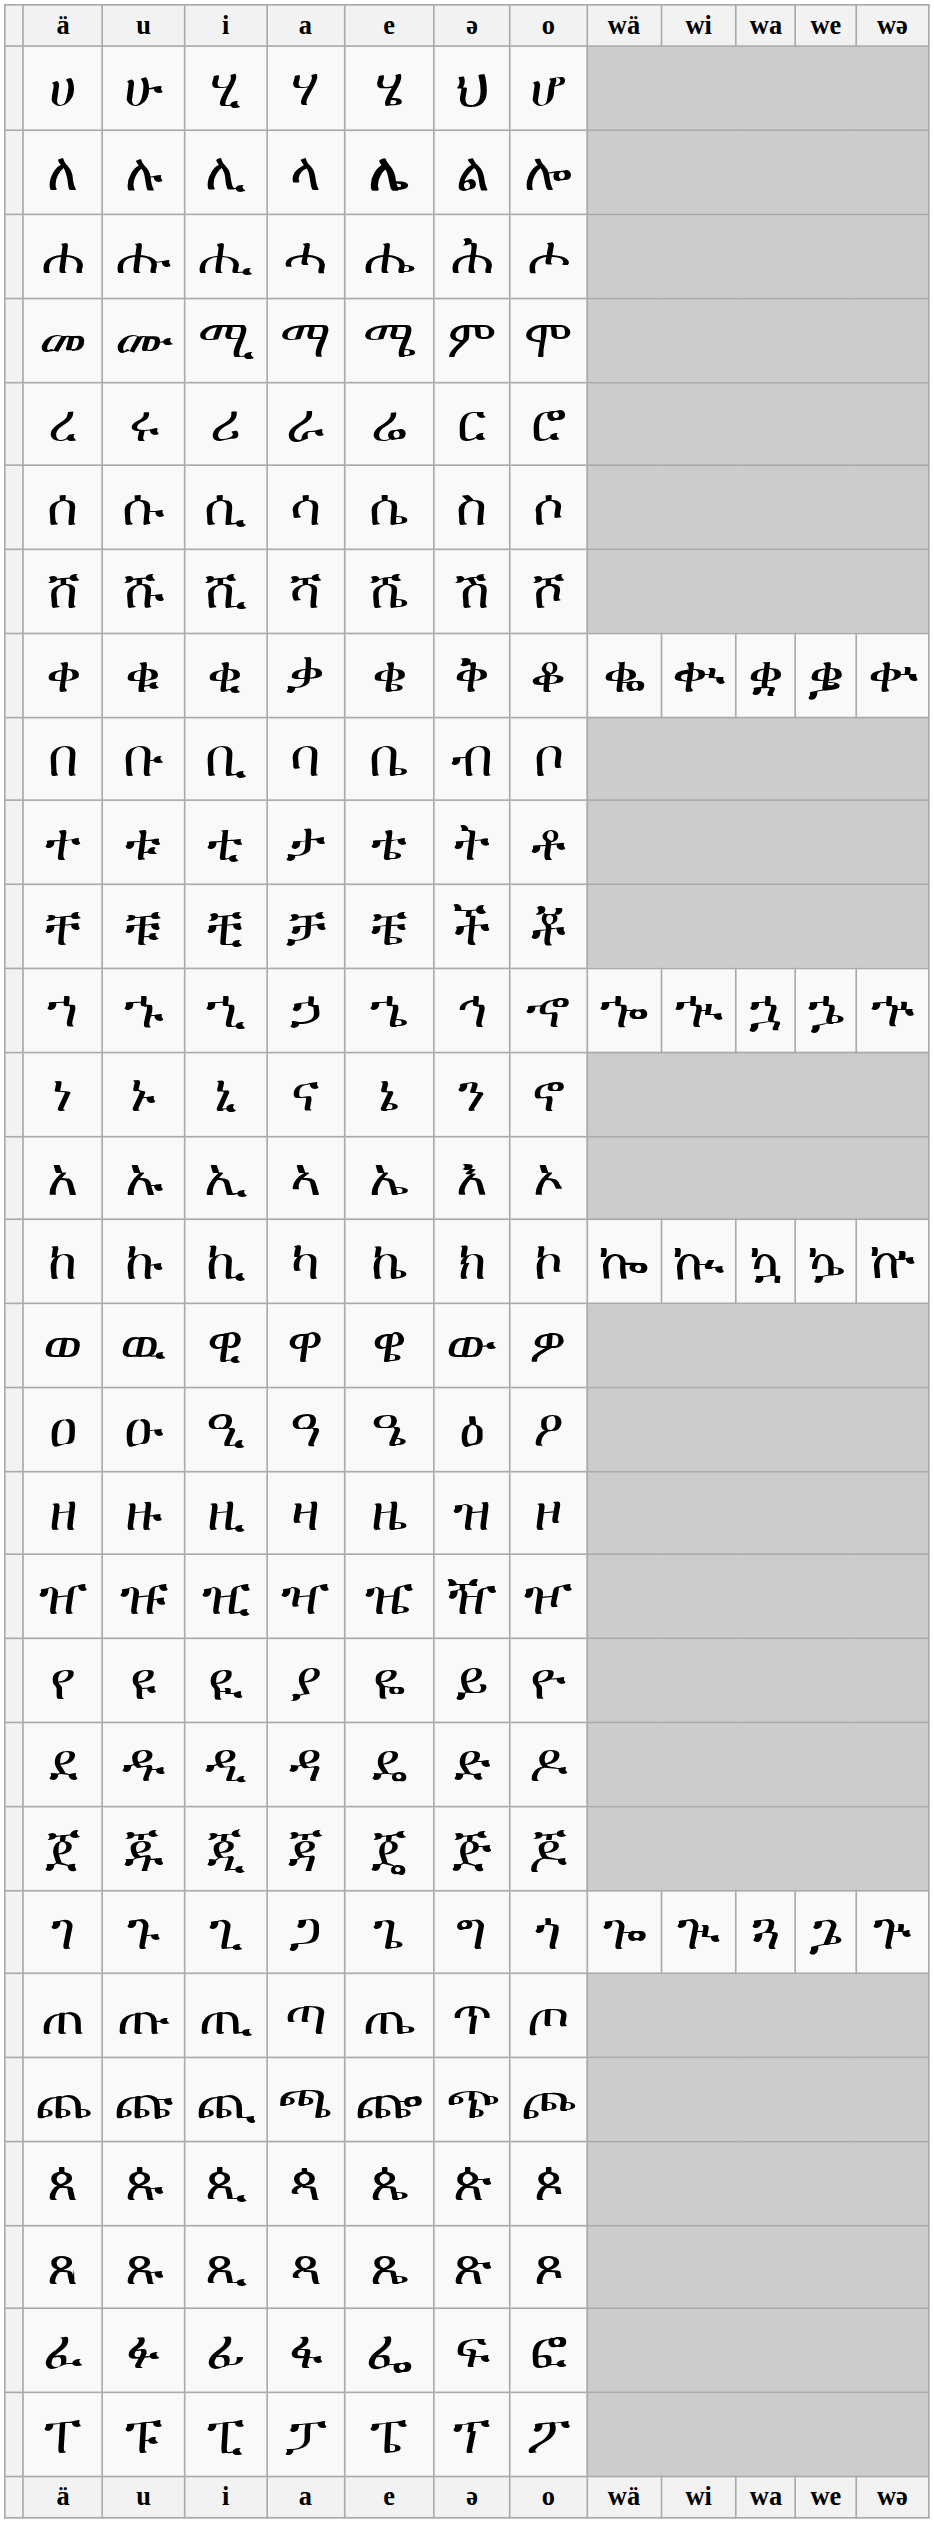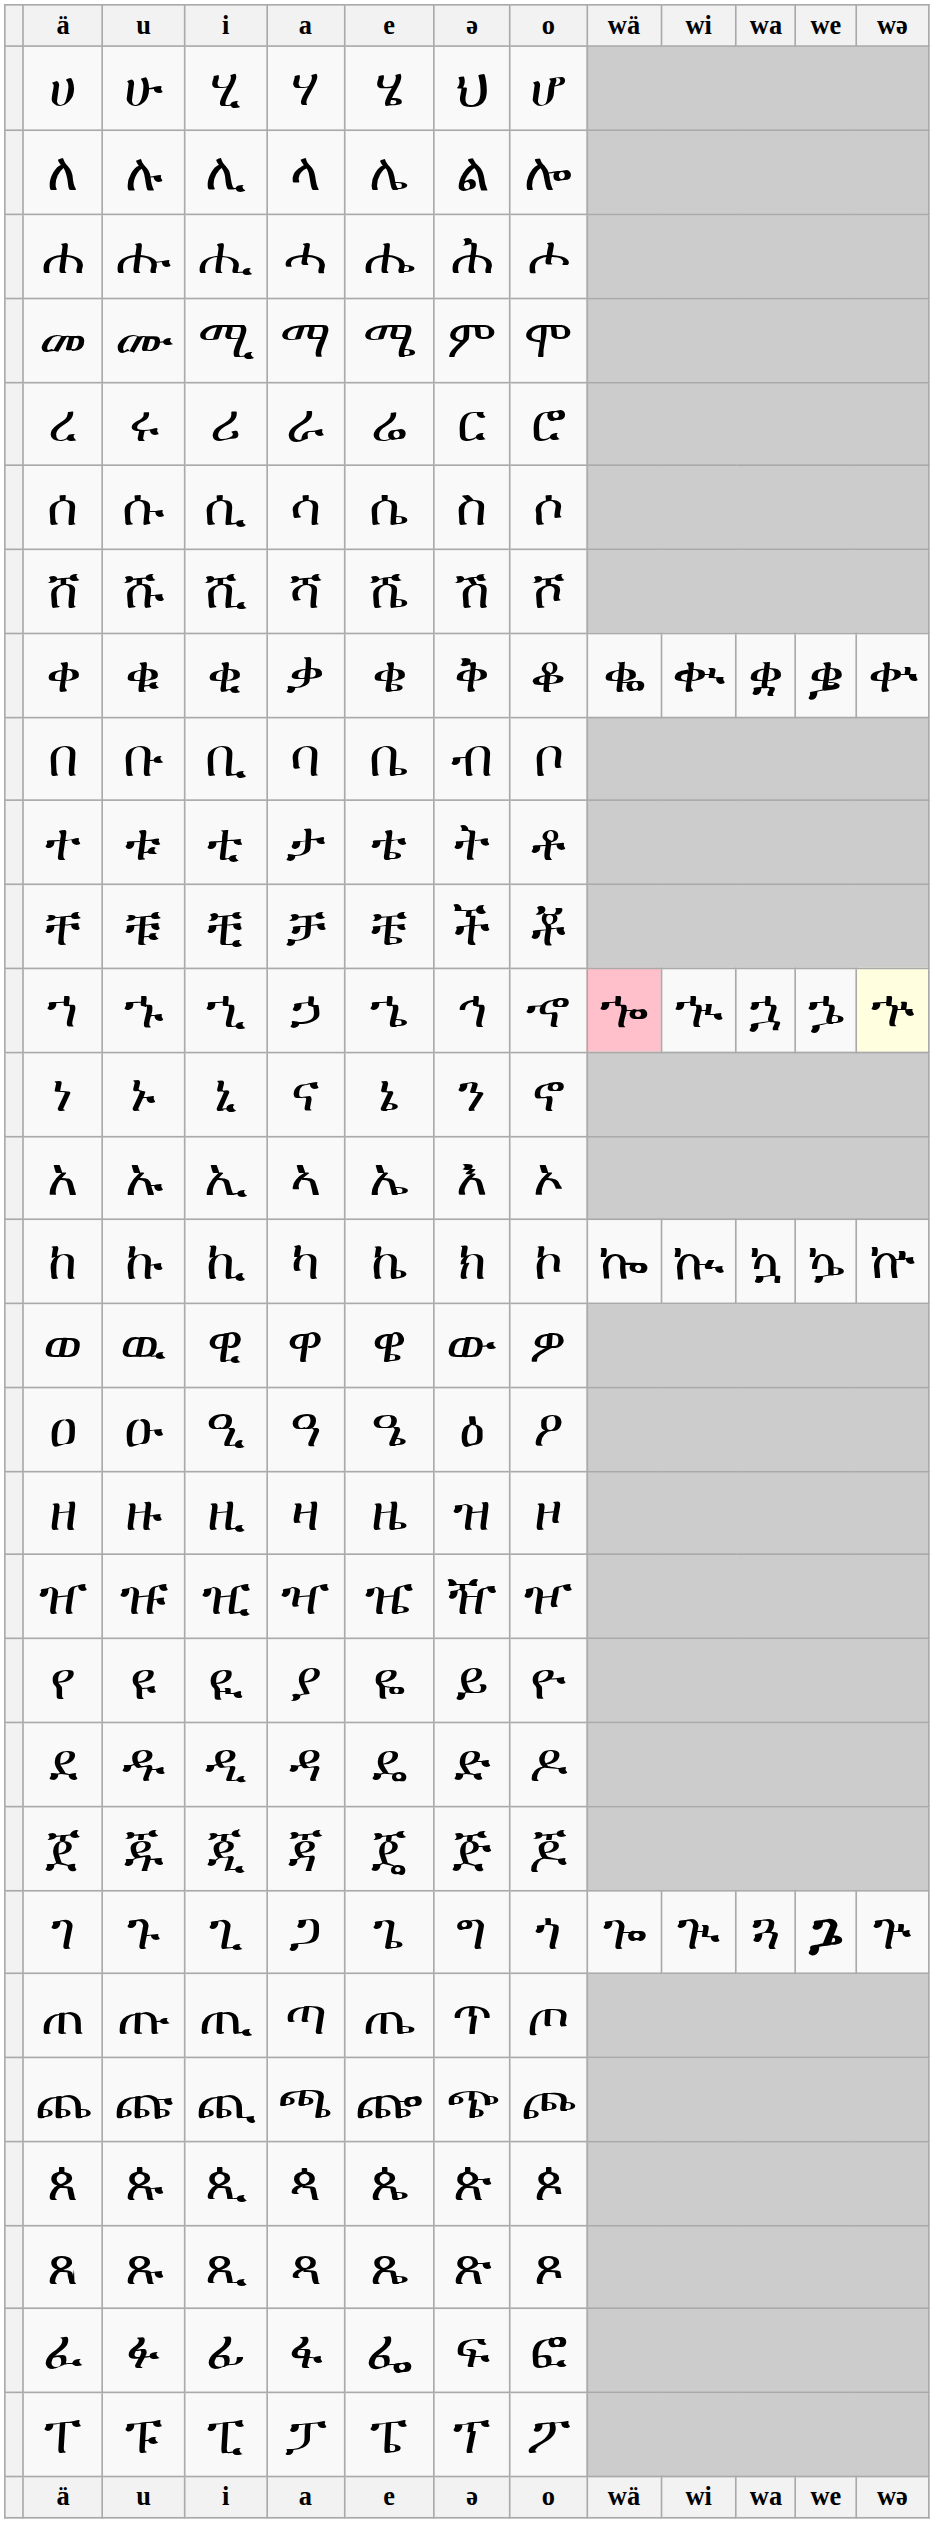 <table class="wikitable" style="text-align:center">
 <tr valign=top>
 <th> </th>
 <th>ä</th>
 <th>u</th>
 <th>i</th>
 <th>a</th>
 <th>e</th>
 <th>ə</th>
 <th>o</th>
 <th>wä</th>
 <th>wi</th>
 <th>wa</th>
 <th>we</th>
 <th>wə</th>
 </tr>
 <tr style="font-size:2em">
 <th style="font-size:0.5em"></th>
 <td>ሀ</td>
 <td>ሁ</td>
 <td>ሂ</td>
 <td>ሃ</td>
 <td>ሄ</td>
 <td>ህ</td>
 <td>ሆ</td>
 <td colspan="6" style="background:#cccccc"> </td>
 </tr>
 <tr style="font-size:2em">
 <th style="font-size:0.5em"></th>
 <td>ለ</td>
 <td>ሉ</td>
 <td>ሊ</td>
 <td>ላ</td>
-<td><strong>ሌ</strong></td>
+<td>ሌ</td>
 <td>ል</td>
 <td>ሎ</td>
 <td colspan="6" style="background:#cccccc"> </td>
 </tr>
 <tr style="font-size:2em">
 <th style="font-size:0.5em"></th>
 <td>ሐ</td>
 <td>ሑ</td>
 <td>ሒ</td>
 <td>ሓ</td>
 <td>ሔ</td>
 <td>ሕ</td>
 <td>ሖ</td>
 <td colspan="6" style="background:#cccccc"> </td>
 </tr>
 <tr style="font-size:2em">
 <th style="font-size:0.5em"></th>
 <td>መ</td>
 <td>ሙ</td>
 <td>ሚ</td>
 <td>ማ</td>
 <td>ሜ</td>
 <td>ም</td>
 <td>ሞ</td>
 <td colspan="6" style="background:#cccccc"> </td>
 </tr>
 <tr style="font-size:2em">
 <th style="font-size:0.5em"></th>
 <td>ረ</td>
 <td>ሩ</td>
 <td>ሪ</td>
 <td>ራ</td>
 <td>ሬ</td>
 <td>ር</td>
 <td>ሮ</td>
 <td colspan="6" style="background:#cccccc"> </td>
 </tr>
 <tr style="font-size:2em">
 <th style="font-size:0.5em"></th>
 <td>ሰ</td>
 <td>ሱ</td>
 <td>ሲ</td>
 <td>ሳ</td>
 <td>ሴ</td>
 <td>ስ</td>
 <td>ሶ</td>
 <td colspan="6" style="background:#cccccc"> </td>
 </tr>
 <tr style="font-size:2em">
 <th style="font-size:0.5em"></th>
 <td>ሸ</td>
 <td>ሹ</td>
 <td>ሺ</td>
 <td>ሻ</td>
 <td>ሼ</td>
 <td>ሽ</td>
 <td>ሾ</td>
 <td colspan="6" style="background:#cccccc"> </td>
 </tr>
 <tr style="font-size:2em">
 <th style="font-size:0.5em"></th>
 <td>ቀ</td>
 <td>ቁ</td>
 <td>ቂ</td>
 <td>ቃ</td>
 <td>ቄ</td>
 <td>ቅ</td>
 <td>ቆ</td>
 <td>ቈ</td>
 <td>ቊ</td>
 <td>ቋ</td>
 <td>ቌ</td>
 <td>ቍ</td>
 </tr>
 <tr style="font-size:2em">
 <th style="font-size:0.5em"></th>
 <td>በ</td>
 <td>ቡ</td>
 <td>ቢ</td>
 <td>ባ</td>
 <td>ቤ</td>
 <td>ብ</td>
 <td>ቦ</td>
 <td colspan="6" style="background:#cccccc"> </td>
 </tr>
 <tr style="font-size:2em">
 <th style="font-size:0.5em"></th>
 <td>ተ</td>
 <td>ቱ</td>
 <td>ቲ</td>
 <td>ታ</td>
 <td>ቴ</td>
 <td>ት</td>
 <td>ቶ</td>
 <td colspan="6" style="background:#cccccc"> </td>
 </tr>
 <tr style="font-size:2em">
 <th style="font-size:0.5em"></th>
 <td>ቸ</td>
 <td>ቹ</td>
 <td>ቺ</td>
 <td>ቻ</td>
 <td>ቼ</td>
 <td>ች</td>
 <td>ቾ</td>
 <td colspan="6" style="background:#cccccc"> </td>
 </tr>
 <tr style="font-size:2em">
 <th style="font-size:0.5em"></th>
 <td>ኀ</td>
 <td>ኁ</td>
 <td>ኂ</td>
 <td>ኃ</td>
 <td>ኄ</td>
 <td>ኅ</td>
 <td>ኆ</td>
-<td>ኈ</td>
+<td style="background: pink;">ኈ</td>
 <td>ኊ</td>
 <td>ኋ</td>
 <td>ኌ</td>
-<td>ኍ</td>
+<td style="background: lightyellow;">ኍ</td>
 </tr>
 <tr style="font-size:2em">
 <th style="font-size:0.5em"></th>
 <td>ነ</td>
 <td>ኑ</td>
 <td>ኒ</td>
 <td>ና</td>
 <td>ኔ</td>
 <td>ን</td>
 <td>ኖ</td>
 <td colspan="6" style="background:#cccccc"> </td>
 </tr>
 <tr style="font-size:2em">
 <th style="font-size:0.5em"></th>
 <td>አ</td>
 <td>ኡ</td>
 <td>ኢ</td>
 <td>ኣ</td>
 <td>ኤ</td>
 <td>እ</td>
 <td>ኦ</td>
 <td colspan="6" style="background:#cccccc"> </td>
 </tr>
 <tr style="font-size:2em">
 <th style="font-size:0.5em"></th>
 <td>ከ</td>
 <td>ኩ</td>
 <td>ኪ</td>
 <td>ካ</td>
 <td>ኬ</td>
 <td>ክ</td>
 <td>ኮ</td>
 <td>ኰ</td>
 <td>ኲ</td>
 <td>ኳ</td>
 <td>ኴ</td>
 <td>ኵ</td>
 </tr>
 <tr style="font-size:2em">
 <th style="font-size:0.5em"></th>
 <td>ወ</td>
 <td>ዉ</td>
 <td>ዊ</td>
 <td>ዋ</td>
 <td>ዌ</td>
 <td>ው</td>
 <td>ዎ</td>
 <td colspan="6" style="background:#cccccc"> </td>
 </tr>
 <tr style="font-size:2em">
 <th style="font-size:0.5em"></th>
 <td>ዐ</td>
 <td>ዑ</td>
 <td>ዒ</td>
 <td>ዓ</td>
 <td>ዔ</td>
 <td>ዕ</td>
 <td>ዖ</td>
 <td colspan="6" style="background:#cccccc"> </td>
 </tr>
 <tr style="font-size:2em">
 <th style="font-size:0.5em"></th>
 <td>ዘ</td>
 <td>ዙ</td>
 <td>ዚ</td>
 <td>ዛ</td>
 <td>ዜ</td>
 <td>ዝ</td>
 <td>ዞ</td>
 <td colspan="6" style="background:#cccccc"> </td>
 </tr>
 <tr style="font-size:2em">
 <th style="font-size:0.5em"></th>
 <td>ዠ</td>
 <td>ዡ</td>
 <td>ዢ</td>
 <td>ዣ</td>
 <td>ዤ</td>
 <td>ዥ</td>
 <td>ዦ</td>
 <td colspan="6" style="background:#cccccc"> </td>
 </tr>
 <tr style="font-size:2em">
 <th style="font-size:0.5em"></th>
 <td>የ</td>
 <td>ዩ</td>
 <td>ዪ</td>
 <td>ያ</td>
 <td>ዬ</td>
 <td>ይ</td>
 <td>ዮ</td>
 <td colspan="6" style="background:#cccccc"> </td>
 </tr>
 <tr style="font-size:2em">
 <th style="font-size:0.5em"></th>
 <td>ደ</td>
 <td>ዱ</td>
 <td>ዲ</td>
 <td>ዳ</td>
 <td>ዴ</td>
 <td>ድ</td>
 <td>ዶ</td>
 <td colspan="6" style="background:#cccccc"> </td>
 </tr>
 <tr style="font-size:2em">
 <th style="font-size:0.5em"></th>
 <td>ጀ</td>
 <td>ጁ</td>
 <td>ጂ</td>
 <td>ጃ</td>
 <td>ጄ</td>
 <td>ጅ</td>
 <td>ጆ</td>
 <td colspan="6" style="background:#cccccc"> </td>
 </tr>
 <tr style="font-size:2em">
 <th style="font-size:0.5em"></th>
 <td>ገ</td>
 <td>ጉ</td>
 <td>ጊ</td>
 <td>ጋ</td>
 <td>ጌ</td>
 <td>ግ</td>
 <td>ጎ</td>
 <td>ጐ</td>
 <td>ጒ</td>
 <td>ጓ</td>
-<td>ጔ</td>
+<td><strong>ጔ</strong></td>
 <td>ጕ</td>
 </tr>
 <tr style="font-size:2em">
 <th style="font-size:0.5em"></th>
 <td>ጠ</td>
 <td>ጡ</td>
 <td>ጢ</td>
 <td>ጣ</td>
 <td>ጤ</td>
 <td>ጥ</td>
 <td>ጦ</td>
 <td colspan="6" style="background:#cccccc"> </td>
 </tr>
 <tr style="font-size:2em">
 <th style="font-size:0.5em"></th>
 <td>ጨ</td>
 <td>ጩ</td>
 <td>ጪ</td>
 <td>ጫ</td>
 <td>ጬ</td>
 <td>ጭ</td>
 <td>ጮ</td>
 <td colspan="6" style="background:#cccccc"> </td>
 </tr>
 <tr style="font-size:2em">
 <th style="font-size:0.5em"></th>
 <td>ጰ</td>
 <td>ጱ</td>
 <td>ጲ</td>
 <td>ጳ</td>
 <td>ጴ</td>
 <td>ጵ</td>
 <td>ጶ</td>
 <td colspan="6" style="background:#cccccc"> </td>
 </tr>
 <tr style="font-size:2em">
 <th style="font-size:0.5em"></th>
 <td>ጸ</td>
 <td>ጹ</td>
 <td>ጺ</td>
 <td>ጻ</td>
 <td>ጼ</td>
 <td>ጽ</td>
 <td>ጾ</td>
 <td colspan="6" style="background:#cccccc"> </td>
 </tr>
 <tr style="font-size:2em">
 <th style="font-size:0.5em"></th>
 <td>ፈ</td>
 <td>ፉ</td>
 <td>ፊ</td>
 <td>ፋ</td>
 <td>ፌ</td>
 <td>ፍ</td>
 <td>ፎ</td>
 <td colspan="6" style="background:#cccccc"> </td>
 </tr>
 <tr style="font-size:2em">
 <th style="font-size:0.5em"></th>
 <td>ፐ</td>
 <td>ፑ</td>
 <td>ፒ</td>
 <td>ፓ</td>
 <td>ፔ</td>
 <td>ፕ</td>
 <td>ፖ</td>
 <td colspan="6" style="background:#cccccc"> </td>
 </tr>
 <tr>
 <th> </th>
 <th>ä</th>
 <th>u</th>
 <th>i</th>
 <th>a</th>
 <th>e</th>
 <th>ə</th>
 <th>o</th>
 <th>wä</th>
 <th>wi</th>
 <th>wa</th>
 <th>we</th>
 <th>wə</th>
 </tr>
 </table>
